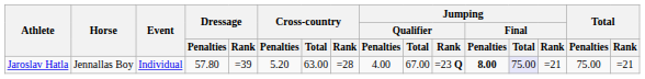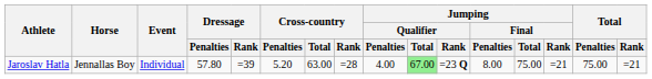 <table class=wikitable style="font-size:90%">
 <tr>
 <th rowspan="3">Athlete</th>
 <th rowspan="3">Horse</th>
 <th rowspan="3">Event</th>
 <th colspan="2" rowspan="2">Dressage</th>
 <th colspan="3" rowspan="2">Cross-country</th>
 <th colspan="6">Jumping</th>
 <th colspan="2" rowspan="2">Total</th>
 </tr>
 <tr style="font-size:95%">
 <th colspan="3">Qualifier</th>
 <th colspan="3">Final</th>
 </tr>
 <tr style="font-size:95%">
 <th>Penalties</th>
 <th>Rank</th>
 <th>Penalties</th>
 <th>Total</th>
 <th>Rank</th>
 <th>Penalties</th>
 <th>Total</th>
 <th>Rank</th>
 <th>Penalties</th>
 <th>Total</th>
 <th>Rank</th>
 <th>Penalties</th>
 <th>Rank</th>
 </tr>
 <tr align=center>
 <td align=left><a href='#'>Jaroslav Hatla</a></td>
 <td align=left>Jennallas Boy</td>
 <td align=left><a href='#'>Individual</a></td>
 <td>57.80</td>
 <td>=39</td>
 <td>5.20</td>
 <td>63.00</td>
 <td>=28</td>
 <td>4.00</td>
-<td>67.00</td>
+<td style="background: lightgreen;">67.00</td>
 <td>=23 <strong>Q</strong></td>
-<td><strong>8.00</strong></td>
-<td style="background: lavender;">75.00</td>
+<td>8.00</td>
+<td>75.00</td>
 <td>=21</td>
 <td>75.00</td>
 <td>=21</td>
 </tr>
 </table>
